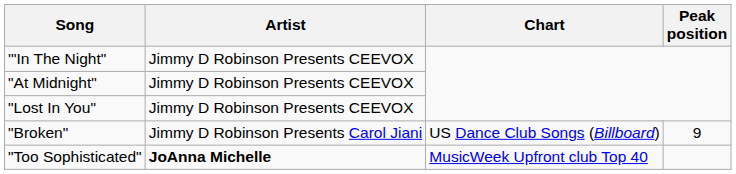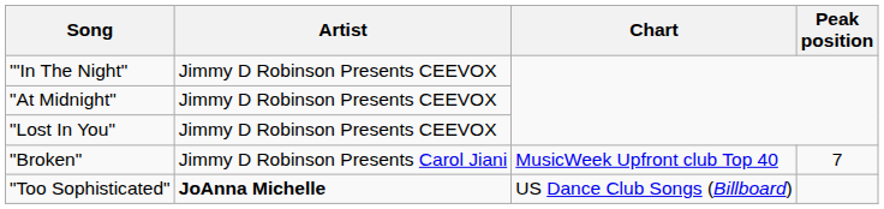 <table class="wikitable plainrowheaders">
 <tr>
 <th scope="col">Song</th>
 <th scope="col">Artist</th>
 <th scope="col">Chart</th>
 <th scope="col">Peak<br>position</th>
 </tr>
 <tr>
 <td>'"In The Night"</td>
 <td>Jimmy D Robinson Presents CEEVOX<br></td>
 </tr>
 <tr>
 <td>"At Midnight"</td>
 <td>Jimmy D Robinson Presents CEEVOX<br></td>
 </tr>
 <tr>
 <td>"Lost In You"</td>
 <td>Jimmy D Robinson Presents CEEVOX<br></td>
 </tr>
 <tr>
 <td>"Broken"</td>
 <td>Jimmy D Robinson Presents <a href='#'>Carol Jiani</a></td>
-<td>US <a href='#'>Dance Club Songs</a> (<a href='#'><em>Billboard</em></a>)</td>
-<td style="text-align:center;">9</td>
+<td><a href='#'> MusicWeek Upfront club Top 40</a></td>
+<td style="text-align:center;">7</td>
 </tr>
 <tr>
 <td>"Too Sophisticated"</td>
 <td><strong>JoAnna Michelle</strong></td>
-<td><a href='#'> MusicWeek Upfront club Top 40</a></td>
+<td>US <a href='#'>Dance Club Songs</a> (<a href='#'><em>Billboard</em></a>)</td>
 <td></td>
 </tr>
 </table>
